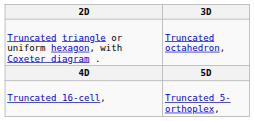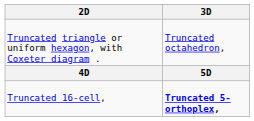 <table class=wikitable style="float:right; margin-left:8px; width:350px">
 <tr>
 <th>2D</th>
 <th>3D</th>
 </tr>
 <tr valign=top>
 <td><br><a href='#'>Truncated</a> <a href='#'>triangle</a> or uniform <a href='#'>hexagon</a>, with <a href='#'>Coxeter diagram</a> .</td>
 <td><br><a href='#'>Truncated octahedron</a>, </td>
 </tr>
 <tr valign=top>
 <th>4D</th>
 <th>5D</th>
 </tr>
 <tr valign=top>
 <td><br><a href='#'>Truncated 16-cell</a>, </td>
-<td><br><a href='#'>Truncated 5-orthoplex</a>, </td>
+<td><strong><br><a href='#'>Truncated 5-orthoplex</a>, </strong></td>
 </tr>
 </table>
